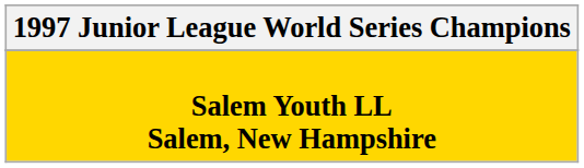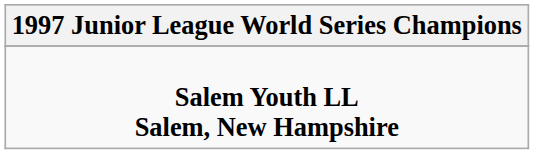 <table class="wikitable" style="text-align: center; margin: 0 auto;">
 <tr>
 <th>1997 Junior League World Series Champions</th>
 </tr>
 <tr>
 </tr>
 <tr>
-<td style="background: gold;"><br><strong>Salem Youth  LL</strong><br><strong>Salem, New Hampshire</strong></td>
+<td><br><strong>Salem Youth  LL</strong><br><strong>Salem, New Hampshire</strong></td>
 </tr>
 </table>
